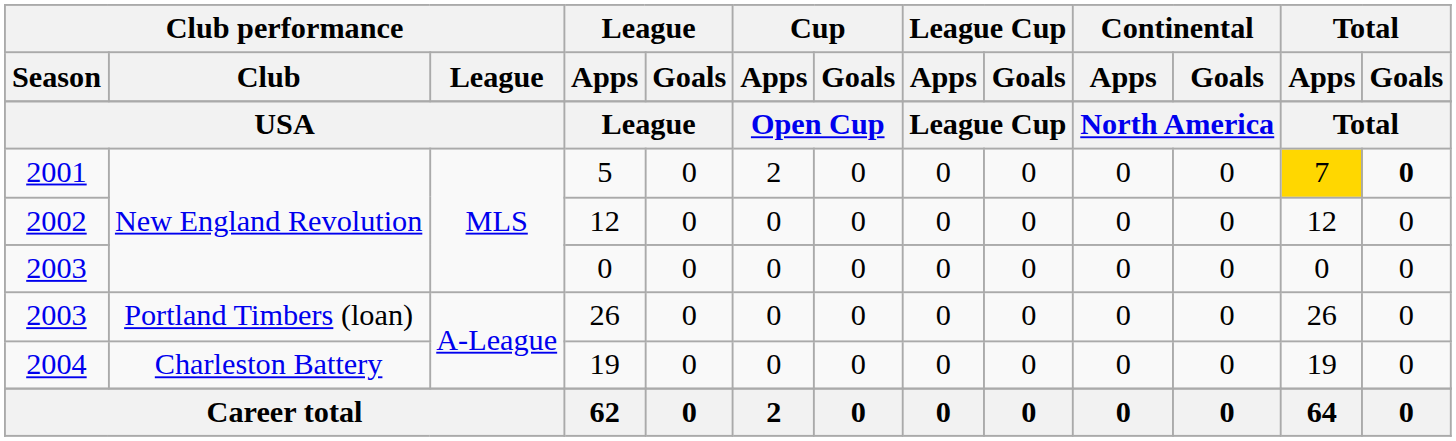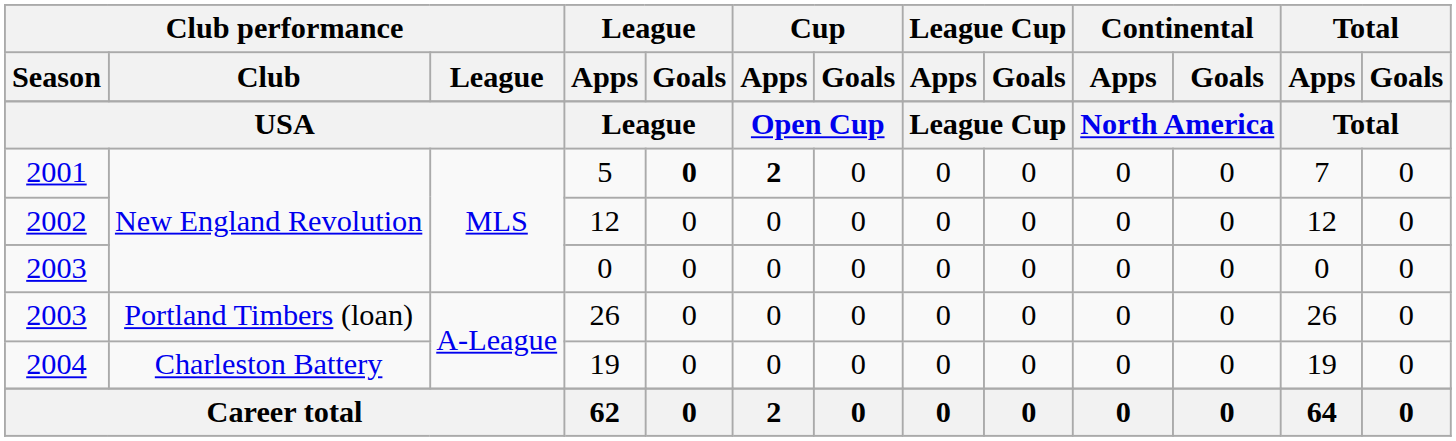 <table class="wikitable" style="text-align:center">
 <tr>
 <th colspan=3>Club performance</th>
 <th colspan=2>League</th>
 <th colspan=2>Cup</th>
 <th colspan=2>League Cup</th>
 <th colspan=2>Continental</th>
 <th colspan=2>Total</th>
 </tr>
 <tr>
 <th>Season</th>
 <th>Club</th>
 <th>League</th>
 <th>Apps</th>
 <th>Goals</th>
 <th>Apps</th>
 <th>Goals</th>
 <th>Apps</th>
 <th>Goals</th>
 <th>Apps</th>
 <th>Goals</th>
 <th>Apps</th>
 <th>Goals</th>
 </tr>
 <tr>
 </tr>
 <tr>
 <th colspan=3>USA</th>
 <th colspan=2>League</th>
 <th colspan=2><a href='#'>Open Cup</a></th>
 <th colspan=2>League Cup</th>
 <th colspan=2><a href='#'>North America</a></th>
 <th colspan=2>Total</th>
 </tr>
 <tr>
 <td><a href='#'>2001</a></td>
 <td rowspan="3"><a href='#'>New England Revolution</a></td>
 <td rowspan="3"><a href='#'>MLS</a></td>
 <td>5</td>
-<td>0</td>
-<td>2</td>
+<td><strong>0</strong></td>
+<td><strong>2</strong></td>
 <td>0</td>
 <td>0</td>
 <td>0</td>
 <td>0</td>
 <td>0</td>
-<td style="background: gold;">7</td>
-<td><strong>0</strong></td>
+<td>7</td>
+<td>0</td>
 </tr>
 <tr>
 <td><a href='#'>2002</a></td>
 <td>12</td>
 <td>0</td>
 <td>0</td>
 <td>0</td>
 <td>0</td>
 <td>0</td>
 <td>0</td>
 <td>0</td>
 <td>12</td>
 <td>0</td>
 </tr>
 <tr>
 <td><a href='#'>2003</a></td>
 <td>0</td>
 <td>0</td>
 <td>0</td>
 <td>0</td>
 <td>0</td>
 <td>0</td>
 <td>0</td>
 <td>0</td>
 <td>0</td>
 <td>0</td>
 </tr>
 <tr>
 <td><a href='#'>2003</a></td>
 <td><a href='#'>Portland Timbers</a> (loan)</td>
 <td rowspan="2"><a href='#'>A-League</a></td>
 <td>26</td>
 <td>0</td>
 <td>0</td>
 <td>0</td>
 <td>0</td>
 <td>0</td>
 <td>0</td>
 <td>0</td>
 <td>26</td>
 <td>0</td>
 </tr>
 <tr>
 <td><a href='#'>2004</a></td>
 <td><a href='#'>Charleston Battery</a></td>
 <td>19</td>
 <td>0</td>
 <td>0</td>
 <td>0</td>
 <td>0</td>
 <td>0</td>
 <td>0</td>
 <td>0</td>
 <td>19</td>
 <td>0</td>
 </tr>
 <tr>
 </tr>
 <tr>
 <th colspan=3>Career total</th>
 <th>62</th>
 <th>0</th>
 <th>2</th>
 <th>0</th>
 <th>0</th>
 <th>0</th>
 <th>0</th>
 <th>0</th>
 <th>64</th>
 <th>0</th>
 </tr>
 </table>
